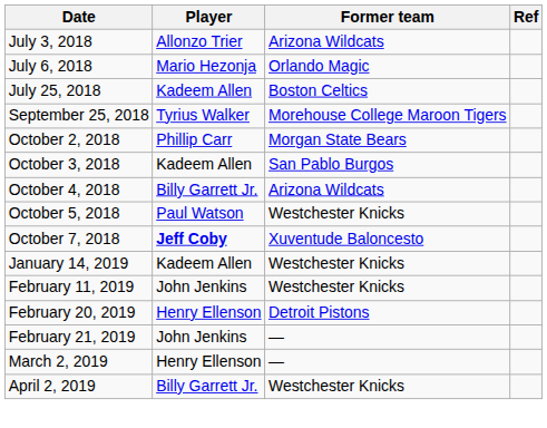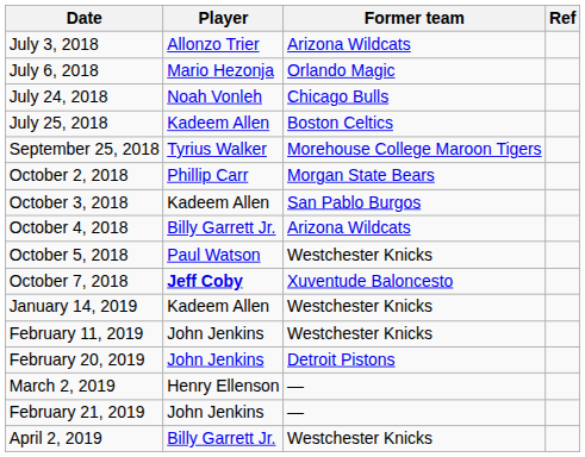 <table class="wikitable" style="text-align:left;">
 <tr>
 <th>Date</th>
 <th>Player</th>
 <th>Former team</th>
 <th>Ref</th>
 </tr>
 <tr>
 <td>July 3, 2018</td>
 <td><a href='#'>Allonzo Trier</a></td>
 <td><a href='#'>Arizona Wildcats</a></td>
 <td></td>
 </tr>
 <tr>
 <td>July 6, 2018</td>
 <td><a href='#'>Mario Hezonja</a></td>
 <td><a href='#'>Orlando Magic</a></td>
+<td></td>
+</tr>
+<tr>
+<td>July 24, 2018</td>
+<td><a href='#'>Noah Vonleh</a></td>
+<td><a href='#'>Chicago Bulls</a></td>
 <td></td>
 </tr>
 <tr>
 <td>July 25, 2018</td>
 <td><a href='#'>Kadeem Allen</a></td>
 <td><a href='#'>Boston Celtics</a></td>
 <td></td>
 </tr>
 <tr>
 <td>September 25, 2018</td>
 <td><a href='#'>Tyrius Walker</a></td>
 <td><a href='#'>Morehouse College Maroon Tigers</a></td>
 <td></td>
 </tr>
 <tr>
 <td>October 2, 2018</td>
 <td><a href='#'>Phillip Carr</a></td>
 <td><a href='#'>Morgan State Bears</a></td>
 <td></td>
 </tr>
 <tr>
 <td>October 3, 2018</td>
 <td>Kadeem Allen</td>
 <td><a href='#'>San Pablo Burgos</a></td>
 <td></td>
 </tr>
 <tr>
 <td>October 4, 2018</td>
 <td><a href='#'>Billy Garrett Jr.</a></td>
 <td><a href='#'>Arizona Wildcats</a></td>
 <td></td>
 </tr>
 <tr>
 <td>October 5, 2018</td>
 <td><a href='#'>Paul Watson</a></td>
 <td>Westchester Knicks</td>
 <td></td>
 </tr>
 <tr>
 <td>October 7, 2018</td>
 <td><strong><a href='#'>Jeff Coby</a></strong></td>
 <td><a href='#'>Xuventude Baloncesto</a></td>
 <td></td>
 </tr>
 <tr>
 <td>January 14, 2019</td>
 <td>Kadeem Allen</td>
 <td>Westchester Knicks</td>
 <td></td>
 </tr>
 <tr>
 <td>February 11, 2019</td>
 <td>John Jenkins</td>
 <td>Westchester Knicks</td>
 <td></td>
 </tr>
 <tr>
 <td>February 20, 2019</td>
-<td><a href='#'>Henry Ellenson</a></td>
+<td><a href='#'>John Jenkins</a></td>
 <td><a href='#'>Detroit Pistons</a></td>
+<td></td>
+</tr>
+<tr>
+<td>March 2, 2019</td>
+<td>Henry Ellenson</td>
+<td>—</td>
 <td></td>
 </tr>
 <tr>
 <td>February 21, 2019</td>
 <td>John Jenkins</td>
-<td>—</td>
-<td></td>
-</tr>
-<tr>
-<td>March 2, 2019</td>
-<td>Henry Ellenson</td>
 <td>—</td>
 <td></td>
 </tr>
 <tr>
 <td>April 2, 2019</td>
 <td><a href='#'>Billy Garrett Jr.</a></td>
 <td>Westchester Knicks</td>
 <td></td>
 </tr>
 </table>
